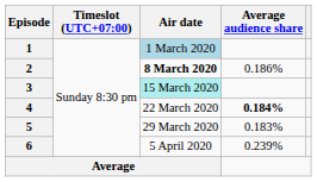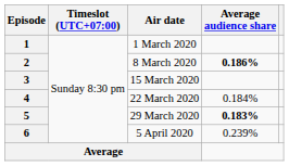 <table class="wikitable">
 <tr>
 <th>Episode<br></th>
 <th>Timeslot<br>(<a href='#'>UTC+07:00</a>)</th>
 <th>Air date</th>
 <th>Average<br><a href='#'>audience share</a></th>
 <th></th>
 </tr>
 <tr>
 <th style="text-align: center;">1</th>
 <td style="text-align: center;" rowspan="6">Sunday 8:30 pm</td>
-<td style="background: lightblue; text-align: center;">1 March 2020</td>
+<td style="text-align: center;">1 March 2020</td>
 <td style="text-align: center;"></td>
 <td style="text-align: center;"></td>
 </tr>
 <tr>
 <th style="text-align: center;">2</th>
-<td style="text-align: center;"><strong>8 March 2020</strong></td>
-<td style="text-align: center;">0.186%</td>
+<td style="text-align: center;">8 March 2020</td>
+<td style="text-align: center;"><strong>0.186%</strong></td>
 <td style="text-align: center;"></td>
 </tr>
 <tr>
 <th style="text-align: center;">3</th>
-<td style="background: paleturquoise; text-align: center;">15 March 2020</td>
+<td style="text-align: center;">15 March 2020</td>
 <td style="text-align: center;"></td>
 <td style="text-align: center;"></td>
 </tr>
 <tr>
 <th style="text-align: center;">4</th>
 <td style="text-align: center;">22 March 2020</td>
-<td style="text-align: center;"><strong>0.184%</strong></td>
+<td style="text-align: center;">0.184%</td>
 <td style="text-align: center;"></td>
 </tr>
 <tr>
 <th style="text-align: center;">5</th>
 <td style="text-align: center;">29 March 2020</td>
-<td style="text-align: center;">0.183%</td>
+<td style="text-align: center;"><strong>0.183%</strong></td>
 <td style="text-align: center;"></td>
 </tr>
 <tr>
 <th style="text-align: center;">6</th>
 <td style="text-align: center;">5 April 2020</td>
 <td style="text-align: center;">0.239%</td>
 <td style="text-align: center;"></td>
 </tr>
 <tr>
 <th colspan="3" style="text-align: center;">Average</th>
 <td colspan="2" style="text-align: center;"> </td>
 </tr>
 </table>
